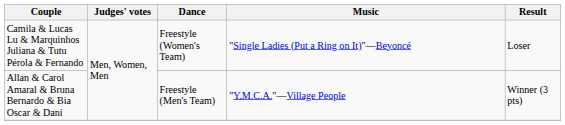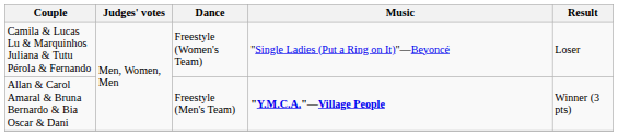 <table class="wikitable sortable" style="width:100%;">
 <tr>
 <th width="15.0%">Couple</th>
 <th width="12.5%">Judges' votes</th>
 <th width="12.5%">Dance</th>
 <th width="50.0%">Music</th>
 <th width="10.0%">Result</th>
 </tr>
 <tr>
 <td>Camila & Lucas<br>Lu & Marquinhos<br>Juliana & Tutu<br>Pérola & Fernando</td>
 <td rowspan=2>Men, Women, Men</td>
 <td>Freestyle<br>(Women's Team)</td>
 <td>"<a href='#'>Single Ladies (Put a Ring on It)</a>"—<a href='#'>Beyoncé</a></td>
 <td>Loser</td>
 </tr>
 <tr>
 <td>Allan & Carol<br>Amaral & Bruna<br>Bernardo & Bia<br>Oscar & Dani</td>
 <td>Freestyle<br>(Men's Team)</td>
-<td>"<a href='#'>Y.M.C.A.</a>"—<a href='#'>Village People</a></td>
+<td><strong>"<a href='#'>Y.M.C.A.</a>"—<a href='#'>Village People</a></strong></td>
 <td>Winner (3 pts)</td>
 </tr>
 <tr>
 </tr>
 </table>
